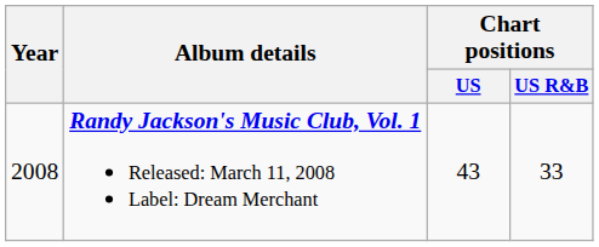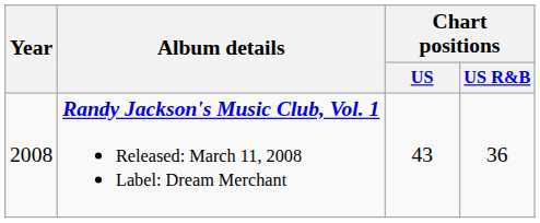 <table class="wikitable" style="text-align:center;">
 <tr>
 <th rowspan="2">Year</th>
 <th rowspan="2">Album details</th>
 <th colspan="2">Chart positions</th>
 </tr>
 <tr style="font-size:smaller;">
 <th style="width:50px;"><a href='#'>US</a></th>
 <th style="width:50px;"><a href='#'>US R&B</a></th>
 </tr>
 <tr>
 <td>2008</td>
 <td style="text-align:left;"><strong><em><a href='#'>Randy Jackson's Music Club, Vol. 1</a></em></strong><br><ul><li><small>Released: March 11, 2008</small></li><li><small>Label: Dream Merchant</small></li></ul></td>
 <td>43</td>
-<td>33</td>
+<td>36</td>
 </tr>
 </table>
